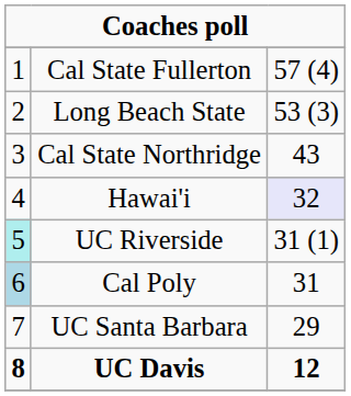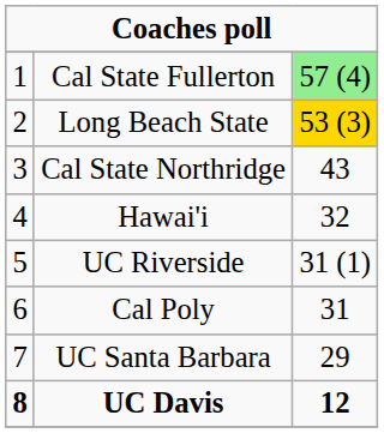 <table class="wikitable">
 <tr align="center">
 <td align="center" Colspan="3"><strong>Coaches poll</strong></td>
 </tr>
 <tr align="center">
 </tr>
 <tr align="center">
 <td>1</td>
 <td>Cal State Fullerton</td>
-<td>57 (4)</td>
+<td style="background: lightgreen;">57 (4)</td>
 </tr>
 <tr align="center">
 <td>2</td>
 <td>Long Beach State</td>
-<td>53 (3)</td>
+<td style="background: gold;">53 (3)</td>
 </tr>
 <tr align="center">
 <td>3</td>
 <td>Cal State Northridge</td>
 <td>43</td>
 </tr>
 <tr align="center">
 <td>4</td>
 <td>Hawai'i</td>
-<td style="background: lavender;">32</td>
+<td>32</td>
 </tr>
 <tr align="center">
-<td style="background: paleturquoise;">5</td>
+<td>5</td>
 <td>UC Riverside</td>
 <td>31 (1)</td>
 </tr>
 <tr align="center">
-<td style="background: lightblue;">6</td>
+<td>6</td>
 <td>Cal Poly</td>
 <td>31</td>
 </tr>
 <tr align="center">
 <td>7</td>
 <td>UC Santa Barbara</td>
 <td>29</td>
 </tr>
 <tr align="center">
 <td><strong>8</strong></td>
 <td><strong>UC Davis</strong></td>
 <td><strong>12</strong></td>
 </tr>
 <tr align="center">
 </tr>
 </table>
